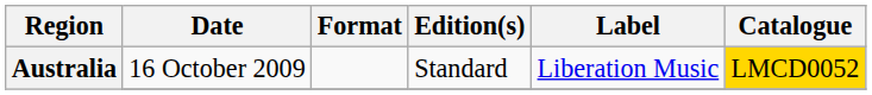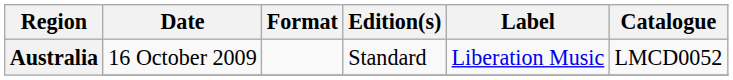 <table class="wikitable plainrowheaders">
 <tr>
 <th scope="col">Region</th>
 <th scope="col">Date</th>
 <th scope="col">Format</th>
 <th scope="col">Edition(s)</th>
 <th scope="col">Label</th>
 <th scope="col">Catalogue</th>
 </tr>
 <tr>
 <th scope="row" rowspan="2">Australia</th>
 <td>16 October 2009 </td>
 <td></td>
 <td>Standard</td>
 <td><a href='#'>Liberation Music</a></td>
-<td style="background: gold;">LMCD0052</td>
+<td>LMCD0052</td>
 </tr>
 <tr>
 </tr>
 </table>
